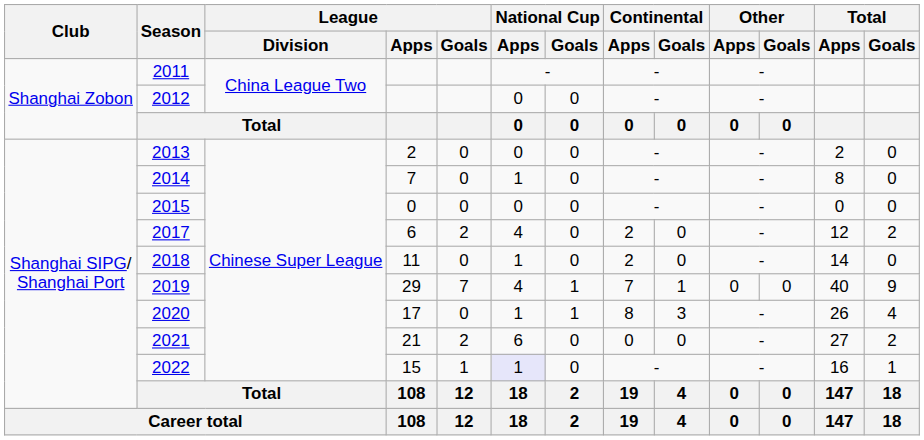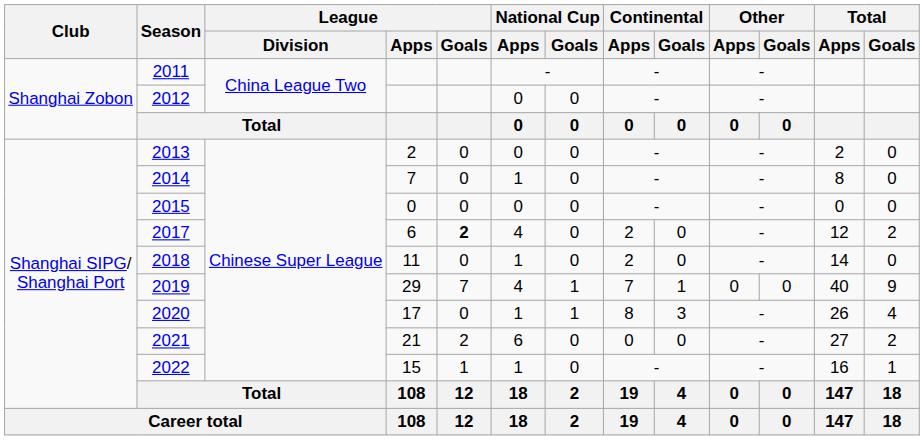 <table class="wikitable" style="text-align: center">
 <tr>
 <th rowspan="2">Club</th>
 <th rowspan="2">Season</th>
 <th colspan="3">League</th>
 <th colspan="2">National Cup</th>
 <th colspan="2">Continental</th>
 <th colspan="2">Other</th>
 <th colspan="2">Total</th>
 </tr>
 <tr>
 <th>Division</th>
 <th>Apps</th>
 <th>Goals</th>
 <th>Apps</th>
 <th>Goals</th>
 <th>Apps</th>
 <th>Goals</th>
 <th>Apps</th>
 <th>Goals</th>
 <th>Apps</th>
 <th>Goals</th>
 </tr>
 <tr>
 <td rowspan=3><a href='#'>Shanghai Zobon</a></td>
 <td><a href='#'>2011</a></td>
 <td rowspan="2"><a href='#'>China League Two</a></td>
 <td></td>
 <td></td>
 <td colspan="2">-</td>
 <td colspan="2">-</td>
 <td colspan="2">-</td>
 <td></td>
 <td></td>
 </tr>
 <tr>
 <td><a href='#'>2012</a></td>
 <td></td>
 <td></td>
 <td>0</td>
 <td>0</td>
 <td colspan="2">-</td>
 <td colspan="2">-</td>
 <td></td>
 <td></td>
 </tr>
 <tr>
 <th colspan=2>Total</th>
 <th></th>
 <th></th>
 <th>0</th>
 <th>0</th>
 <th>0</th>
 <th>0</th>
 <th>0</th>
 <th>0</th>
 <th></th>
 <th></th>
 </tr>
 <tr>
 <td rowspan="10"><a href='#'>Shanghai SIPG</a>/<br><a href='#'>Shanghai Port</a></td>
 <td><a href='#'>2013</a></td>
 <td rowspan="9"><a href='#'>Chinese Super League</a></td>
 <td>2</td>
 <td>0</td>
 <td>0</td>
 <td>0</td>
 <td colspan="2">-</td>
 <td colspan="2">-</td>
 <td>2</td>
 <td>0</td>
 </tr>
 <tr>
 <td><a href='#'>2014</a></td>
 <td>7</td>
 <td>0</td>
 <td>1</td>
 <td>0</td>
 <td colspan="2">-</td>
 <td colspan="2">-</td>
 <td>8</td>
 <td>0</td>
 </tr>
 <tr>
 <td><a href='#'>2015</a></td>
 <td>0</td>
 <td>0</td>
 <td>0</td>
 <td>0</td>
 <td colspan="2">-</td>
 <td colspan="2">-</td>
 <td>0</td>
 <td>0</td>
 </tr>
 <tr>
 <td><a href='#'>2017</a></td>
 <td>6</td>
-<td>2</td>
+<td><strong>2</strong></td>
 <td>4</td>
 <td>0</td>
 <td>2</td>
 <td>0</td>
 <td colspan="2">-</td>
 <td>12</td>
 <td>2</td>
 </tr>
 <tr>
 <td><a href='#'>2018</a></td>
 <td>11</td>
 <td>0</td>
 <td>1</td>
 <td>0</td>
 <td>2</td>
 <td>0</td>
 <td colspan="2">-</td>
 <td>14</td>
 <td>0</td>
 </tr>
 <tr>
 <td><a href='#'>2019</a></td>
 <td>29</td>
 <td>7</td>
 <td>4</td>
 <td>1</td>
 <td>7</td>
 <td>1</td>
 <td>0</td>
 <td>0</td>
 <td>40</td>
 <td>9</td>
 </tr>
 <tr>
 <td><a href='#'>2020</a></td>
 <td>17</td>
 <td>0</td>
 <td>1</td>
 <td>1</td>
 <td>8</td>
 <td>3</td>
 <td colspan="2">-</td>
 <td>26</td>
 <td>4</td>
 </tr>
 <tr>
 <td><a href='#'>2021</a></td>
 <td>21</td>
 <td>2</td>
 <td>6</td>
 <td>0</td>
 <td>0</td>
 <td>0</td>
 <td colspan="2">-</td>
 <td>27</td>
 <td>2</td>
 </tr>
 <tr>
 <td><a href='#'>2022</a></td>
 <td>15</td>
 <td>1</td>
-<td style="background: lavender;">1</td>
+<td>1</td>
 <td>0</td>
 <td colspan="2">-</td>
 <td colspan="2">-</td>
 <td>16</td>
 <td>1</td>
 </tr>
 <tr>
 <th colspan="2">Total</th>
 <th>108</th>
 <th>12</th>
 <th>18</th>
 <th>2</th>
 <th>19</th>
 <th>4</th>
 <th>0</th>
 <th>0</th>
 <th>147</th>
 <th>18</th>
 </tr>
 <tr>
 <th colspan="3">Career total</th>
 <th>108</th>
 <th>12</th>
 <th>18</th>
 <th>2</th>
 <th>19</th>
 <th>4</th>
 <th>0</th>
 <th>0</th>
 <th>147</th>
 <th>18</th>
 </tr>
 </table>
